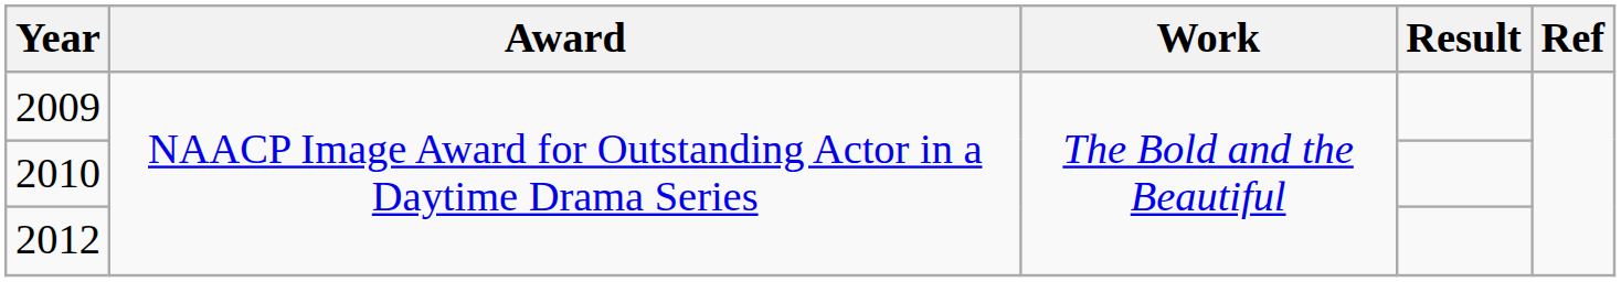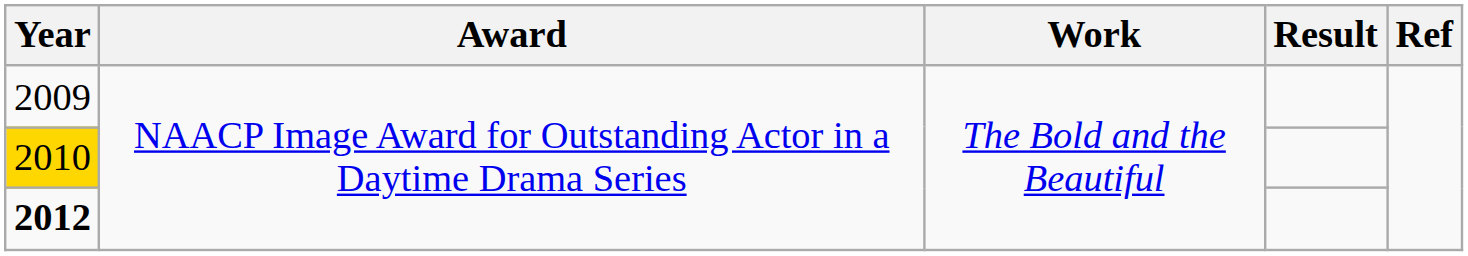 <table class="wikitable sortable" style="text-align:center;">
 <tr>
 <th scope="col">Year</th>
 <th scope="col">Award</th>
 <th scope="col">Work</th>
 <th scope="col" style="width:3%;">Result</th>
 <th scope="col">Ref</th>
 </tr>
 <tr>
 <td>2009</td>
 <td rowspan="3"><a href='#'>NAACP Image Award for Outstanding Actor in a Daytime Drama Series</a></td>
 <td rowspan="3"><em><a href='#'>The Bold and the Beautiful</a></em></td>
 <td></td>
 <td rowspan="3"></td>
 </tr>
 <tr>
-<td>2010</td>
+<td style="background: gold;">2010</td>
 <td></td>
 </tr>
 <tr>
-<td>2012</td>
+<td><strong>2012</strong></td>
 <td></td>
 </tr>
 </table>
